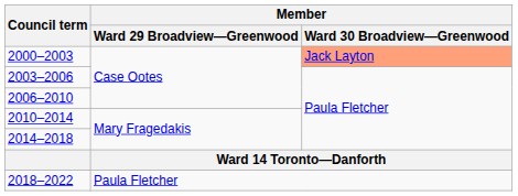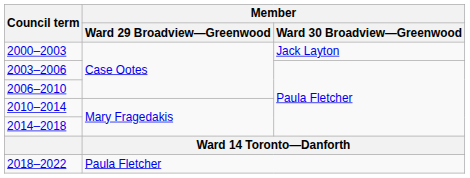 <table class="wikitable">
 <tr>
 <th rowspan="2">Council term</th>
 <th colspan="2">Member</th>
 </tr>
 <tr>
 <th>Ward 29 Broadview—Greenwood</th>
 <th>Ward 30 Broadview—Greenwood</th>
 </tr>
 <tr>
 <td><a href='#'>2000–2003</a></td>
 <td rowspan="3"><a href='#'>Case Ootes</a></td>
-<td style="background: lightsalmon;"><a href='#'>Jack Layton</a></td>
+<td><a href='#'>Jack Layton</a></td>
 </tr>
 <tr>
 <td><a href='#'>2003–2006</a></td>
 <td rowspan="4"><a href='#'>Paula Fletcher</a></td>
 </tr>
 <tr>
 <td><a href='#'>2006–2010</a></td>
 </tr>
 <tr>
 <td><a href='#'>2010–2014</a></td>
 <td rowspan="2"><a href='#'>Mary Fragedakis</a></td>
 </tr>
 <tr>
 <td><a href='#'>2014–2018</a></td>
 </tr>
 <tr>
 <th></th>
 <th colspan="2">Ward 14 Toronto—Danforth</th>
 </tr>
 <tr>
 <td><a href='#'>2018–2022</a></td>
 <td colspan="2"><a href='#'>Paula Fletcher</a></td>
 </tr>
 </table>
